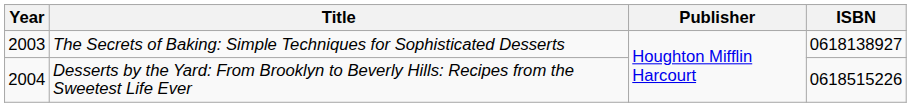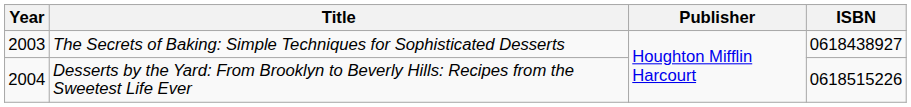 <table class="wikitable">
 <tr>
 <th>Year</th>
 <th>Title</th>
 <th>Publisher</th>
 <th>ISBN</th>
 </tr>
 <tr>
 <td align=center>2003</td>
 <td><em>The Secrets of Baking: Simple Techniques for Sophisticated Desserts</em></td>
 <td rowspan=2><a href='#'>Houghton Mifflin Harcourt</a></td>
-<td>0618138927</td>
+<td>0618438927</td>
 </tr>
 <tr>
 <td align=center>2004</td>
 <td><em>Desserts by the Yard: From Brooklyn to Beverly Hills: Recipes from the Sweetest Life Ever</em></td>
 <td>0618515226</td>
 </tr>
 </table>
